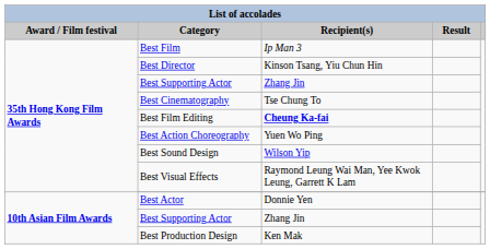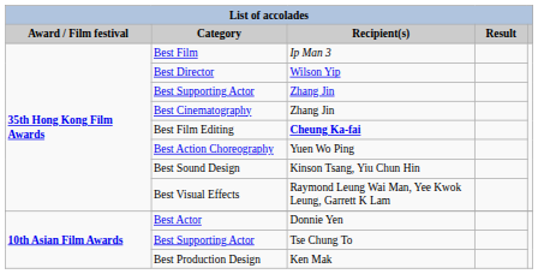 <table class="wikitable" style="font-size:small">
 <tr style="text-align:center;">
 <th colspan=5 style="background:#B0C4DE;">List of accolades</th>
 </tr>
 <tr style="text-align:center;">
 <th style="background:#ccc;" width="28%">Award / Film festival</th>
 <th style="background:#ccc;" width="26%">Category</th>
 <th style="background:#ccc;" width="36%">Recipient(s)</th>
 <th style="background:#ccc;" width="10%">Result</th>
 <th style="background:#ccc;" width="10%"></th>
 </tr>
 <tr>
 <td rowspan=8><strong><a href='#'>35th Hong Kong Film Awards</a></strong></td>
 <td><a href='#'>Best Film</a></td>
 <td><em>Ip Man 3</em></td>
 <td></td>
 <td rowspan=8></td>
 </tr>
 <tr>
 <td><a href='#'>Best Director</a></td>
-<td>Kinson Tsang, Yiu Chun Hin</td>
+<td><a href='#'>Wilson Yip</a></td>
 <td></td>
 </tr>
 <tr>
 <td><a href='#'>Best Supporting Actor</a></td>
 <td><a href='#'>Zhang Jin</a></td>
 <td></td>
 </tr>
 <tr>
 <td><a href='#'>Best Cinematography</a></td>
-<td>Tse Chung To</td>
+<td>Zhang Jin</td>
 <td></td>
 </tr>
 <tr>
 <td>Best Film Editing</td>
 <td><strong><a href='#'>Cheung Ka-fai</a></strong></td>
 <td></td>
 </tr>
 <tr>
 <td><a href='#'>Best Action Choreography</a></td>
 <td>Yuen Wo Ping</td>
 <td></td>
 </tr>
 <tr>
 <td>Best Sound Design</td>
-<td><a href='#'>Wilson Yip</a></td>
+<td>Kinson Tsang, Yiu Chun Hin</td>
 <td></td>
 </tr>
 <tr>
 <td>Best Visual Effects</td>
 <td>Raymond Leung Wai Man, Yee Kwok Leung, Garrett K Lam</td>
 <td></td>
 </tr>
 <tr>
 <td rowspan=4><strong><a href='#'>10th Asian Film Awards</a></strong></td>
 </tr>
 <tr>
 <td><a href='#'>Best Actor</a></td>
 <td>Donnie Yen</td>
 <td></td>
 <td rowspan=3></td>
 </tr>
 <tr>
 <td><a href='#'>Best Supporting Actor</a></td>
-<td>Zhang Jin</td>
+<td>Tse Chung To</td>
 <td></td>
 </tr>
 <tr>
 <td>Best Production Design</td>
 <td>Ken Mak</td>
 <td></td>
 </tr>
 </table>
